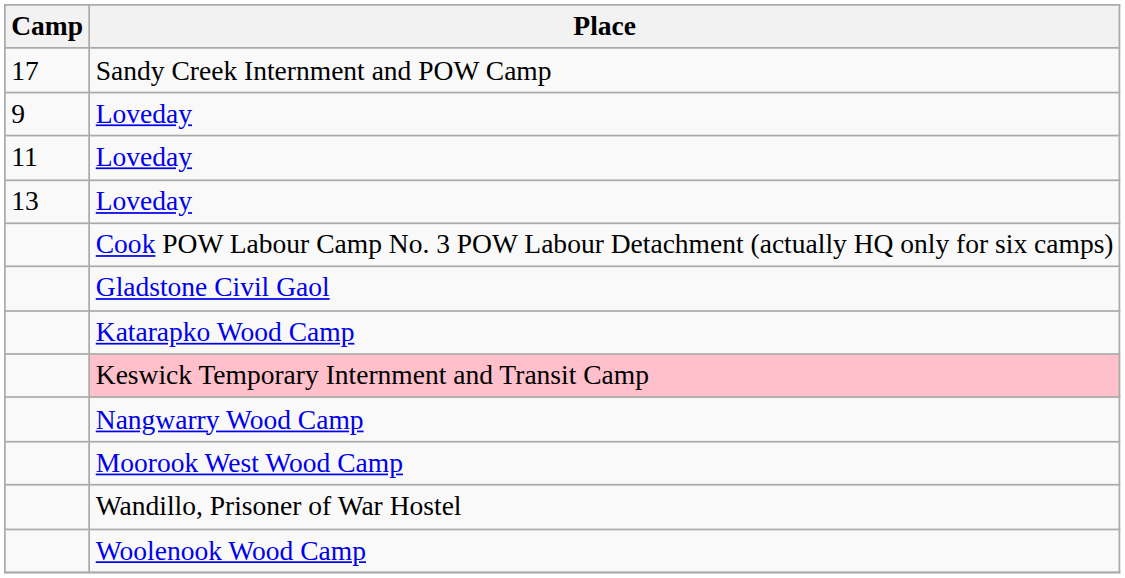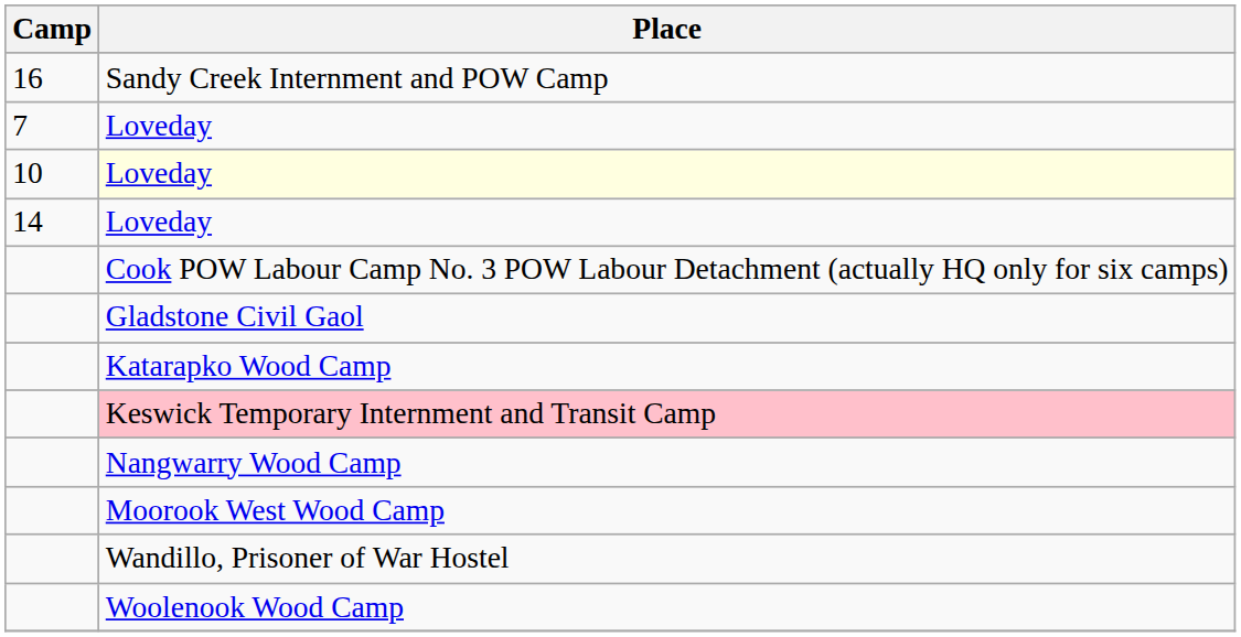 <table class="wikitable">
 <tr>
 <th>Camp</th>
 <th>Place</th>
 </tr>
 <tr>
-<td>17</td>
+<td>16</td>
 <td>Sandy Creek Internment and POW Camp</td>
 </tr>
 <tr>
-<td>9</td>
+<td>7</td>
 <td><a href='#'>Loveday</a></td>
 </tr>
 <tr>
-<td>11</td>
-<td><a href='#'>Loveday</a></td>
+<td>10</td>
+<td style="background: lightyellow;"><a href='#'>Loveday</a></td>
 </tr>
 <tr>
-<td>13</td>
+<td>14</td>
 <td><a href='#'>Loveday</a></td>
 </tr>
 <tr>
 <td></td>
 <td><a href='#'>Cook</a> POW Labour Camp No. 3 POW Labour Detachment (actually HQ only for six camps)</td>
 </tr>
 <tr>
 <td></td>
 <td><a href='#'>Gladstone Civil Gaol</a></td>
 </tr>
 <tr>
 <td></td>
 <td><a href='#'>Katarapko Wood Camp</a></td>
 </tr>
 <tr>
 <td></td>
 <td style="background: pink;">Keswick Temporary Internment and Transit Camp</td>
 </tr>
 <tr>
 <td></td>
 <td><a href='#'>Nangwarry Wood Camp</a></td>
 </tr>
 <tr>
 <td></td>
 <td><a href='#'>Moorook West Wood Camp</a></td>
 </tr>
 <tr>
 <td></td>
 <td>Wandillo, Prisoner of War Hostel</td>
 </tr>
 <tr>
 <td></td>
 <td><a href='#'>Woolenook Wood Camp</a></td>
 </tr>
 <tr>
 </tr>
 </table>
